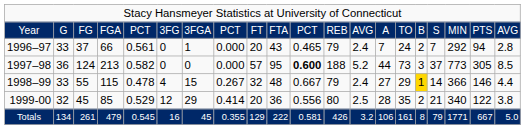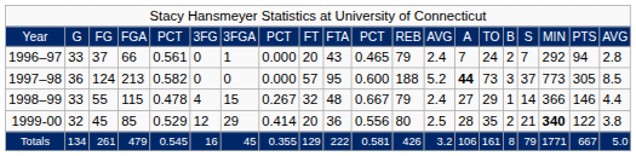 <table class="wikitable" generated with >
 <tr style="font-size:11pt" align="center" valign="bottom">
 <td width="54" colspan="20" height="14">Stacy Hansmeyer Statistics at University of Connecticut</td>
 </tr>
 <tr style="background-color:#002868;font-size:10pt;color:white" align="center" valign="bottom">
 <td height="15">Year</td>
 <td>G</td>
 <td>FG</td>
 <td>FGA</td>
 <td>PCT</td>
 <td>3FG</td>
 <td>3FGA</td>
 <td>PCT</td>
 <td>FT</td>
 <td>FTA</td>
 <td>PCT</td>
 <td>REB</td>
 <td>AVG</td>
 <td>A</td>
 <td>TO</td>
 <td>B</td>
 <td>S</td>
 <td>MIN</td>
 <td>PTS</td>
 <td>AVG</td>
 </tr>
 <tr style="font-size:11pt">
 <td height="14" align="right" valign="bottom">1996–97</td>
 <td valign="bottom">33</td>
 <td valign="bottom">37</td>
 <td valign="bottom">66</td>
 <td valign="bottom">0.561</td>
 <td valign="bottom">0</td>
 <td valign="bottom">1</td>
 <td valign="bottom">0.000</td>
 <td valign="bottom">20</td>
 <td valign="bottom">43</td>
 <td valign="bottom">0.465</td>
 <td valign="bottom">79</td>
 <td valign="bottom">2.4</td>
 <td valign="bottom">7</td>
 <td valign="bottom">24</td>
 <td valign="bottom">2</td>
 <td valign="bottom">7</td>
 <td valign="bottom">292</td>
 <td valign="bottom">94</td>
 <td valign="bottom">2.8</td>
 </tr>
 <tr style="font-size:11pt">
 <td height="14" align="right" valign="bottom">1997–98</td>
 <td valign="bottom">36</td>
 <td valign="bottom">124</td>
 <td valign="bottom">213</td>
 <td valign="bottom">0.582</td>
 <td valign="bottom">0</td>
 <td valign="bottom">0</td>
 <td valign="bottom">0.000</td>
 <td valign="bottom">57</td>
 <td valign="bottom">95</td>
-<td valign="bottom"><strong>0.600</strong></td>
+<td valign="bottom">0.600</td>
 <td valign="bottom">188</td>
 <td valign="bottom">5.2</td>
-<td valign="bottom">44</td>
+<td valign="bottom"><strong>44</strong></td>
 <td valign="bottom">73</td>
 <td valign="bottom">3</td>
 <td valign="bottom">37</td>
 <td valign="bottom">773</td>
 <td valign="bottom">305</td>
 <td valign="bottom">8.5</td>
 </tr>
 <tr style="font-size:11pt">
 <td height="14" align="right" valign="bottom">1998–99</td>
 <td valign="bottom">33</td>
 <td valign="bottom">55</td>
 <td valign="bottom">115</td>
 <td valign="bottom">0.478</td>
 <td valign="bottom">4</td>
 <td valign="bottom">15</td>
 <td valign="bottom">0.267</td>
 <td valign="bottom">32</td>
 <td valign="bottom">48</td>
 <td valign="bottom">0.667</td>
 <td valign="bottom">79</td>
 <td valign="bottom">2.4</td>
 <td valign="bottom">27</td>
 <td valign="bottom">29</td>
-<td valign="bottom" style="background: gold;">1</td>
+<td valign="bottom">1</td>
 <td valign="bottom">14</td>
 <td valign="bottom">366</td>
 <td valign="bottom">146</td>
 <td valign="bottom">4.4</td>
 </tr>
 <tr style="font-size:11pt">
 <td height="14" align="right" valign="bottom">1999-00</td>
 <td valign="bottom">32</td>
 <td valign="bottom">45</td>
 <td valign="bottom">85</td>
 <td valign="bottom">0.529</td>
 <td valign="bottom">12</td>
 <td valign="bottom">29</td>
 <td valign="bottom">0.414</td>
 <td valign="bottom">20</td>
 <td valign="bottom">36</td>
 <td valign="bottom">0.556</td>
 <td valign="bottom">80</td>
 <td valign="bottom">2.5</td>
 <td valign="bottom">28</td>
 <td valign="bottom">35</td>
 <td valign="bottom">2</td>
 <td valign="bottom">21</td>
-<td valign="bottom">340</td>
+<td valign="bottom"><strong>340</strong></td>
 <td valign="bottom">122</td>
 <td valign="bottom">3.8</td>
 </tr>
 <tr style="background-color:#002868;font-size:9pt;color:white" height="15"  valign="bottom" |>
 <td height="15" align="center" valign="bottom">Totals</td>
 <td align="right" valign="bottom">134</td>
 <td align="right" valign="bottom">261</td>
 <td align="right" valign="bottom">479</td>
 <td align="right" valign="bottom">0.545</td>
 <td align="right" valign="bottom">16</td>
 <td align="right" valign="bottom">45</td>
 <td align="right" valign="bottom">0.355</td>
 <td align="right" valign="bottom">129</td>
 <td align="right" valign="bottom">222</td>
 <td align="right" valign="bottom">0.581</td>
 <td align="right" valign="bottom">426</td>
 <td align="right" valign="bottom">3.2</td>
 <td align="right" valign="bottom">106</td>
 <td align="right" valign="bottom">161</td>
 <td align="right" valign="bottom">8</td>
 <td align="right" valign="bottom">79</td>
 <td align="right" valign="bottom">1771</td>
 <td align="right" valign="bottom">667</td>
 <td align="right" valign="bottom">5.0</td>
 </tr>
 </table>
